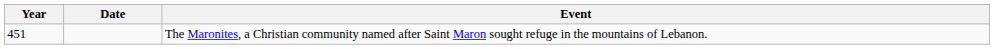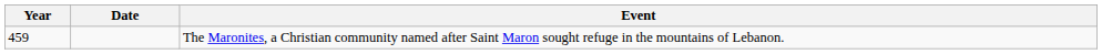 <table class="wikitable" width="100%">
 <tr>
 <th style="width:6%">Year</th>
 <th style="width:10%">Date</th>
 <th>Event</th>
 </tr>
 <tr>
-<td>451</td>
+<td>459</td>
 <td></td>
 <td>The <a href='#'>Maronites</a>, a Christian community named after Saint <a href='#'>Maron</a> sought refuge in the mountains of Lebanon.</td>
 </tr>
 </table>
